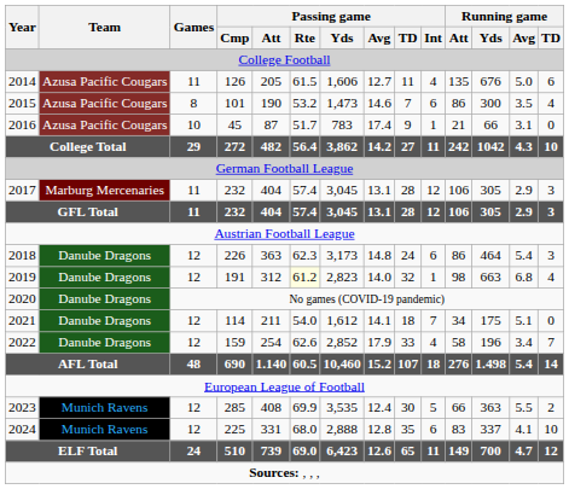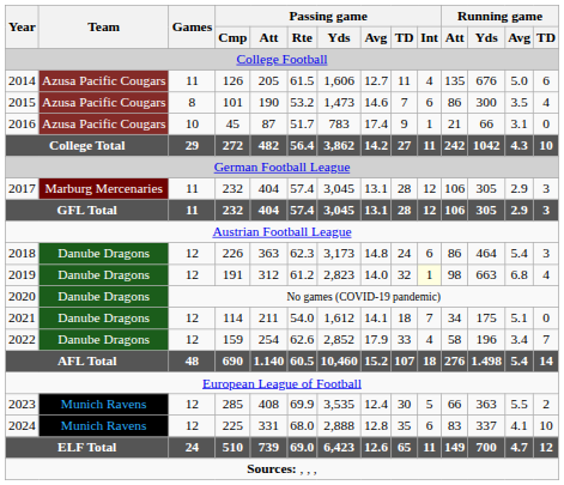 <table class="wikitable" style="text-align:center;">
 <tr>
 <th rowspan="2">Year</th>
 <th rowspan="2">Team</th>
 <th rowspan="2">Games</th>
 <th colspan="7">Passing game</th>
 <th colspan="4">Running game</th>
 </tr>
 <tr>
 <th><abbr>Cmp</abbr></th>
 <th><abbr>Att</abbr></th>
 <th><abbr>Rte</abbr></th>
 <th><abbr>Yds</abbr></th>
 <th><abbr>Avg</abbr></th>
 <th><abbr>TD</abbr></th>
 <th><abbr>Int</abbr></th>
 <th><abbr>Att</abbr></th>
 <th><abbr>Yds</abbr></th>
 <th><abbr>Avg</abbr></th>
 <th><abbr>TD</abbr></th>
 </tr>
 <tr style="background-color:#D1D1D1">
 <td colspan="14"> <a href='#'>College Football</a></td>
 </tr>
 <tr>
 <td>2014</td>
 <td style="background:#842B28; color:#FFFFFF;">Azusa Pacific Cougars</td>
 <td>11</td>
 <td>126</td>
 <td>205</td>
 <td>61.5</td>
 <td>1,606</td>
 <td>12.7</td>
 <td>11</td>
 <td>4</td>
 <td>135</td>
 <td>676</td>
 <td>5.0</td>
 <td>6</td>
 </tr>
 <tr>
 <td>2015</td>
 <td style="background:#842B28; color:#FFFFFF;">Azusa Pacific Cougars</td>
 <td>8</td>
 <td>101</td>
 <td>190</td>
 <td>53.2</td>
 <td>1,473</td>
 <td>14.6</td>
 <td>7</td>
 <td>6</td>
 <td>86</td>
 <td>300</td>
 <td>3.5</td>
 <td>4</td>
 </tr>
 <tr>
 <td>2016</td>
 <td style="background:#842B28; color:#FFFFFF;">Azusa Pacific Cougars</td>
 <td>10</td>
 <td>45</td>
 <td>87</td>
 <td>51.7</td>
 <td>783</td>
 <td>17.4</td>
 <td>9</td>
 <td>1</td>
 <td>21</td>
 <td>66</td>
 <td>3.1</td>
 <td>0</td>
 </tr>
 <tr style="background:#555555; font-weight:bold; color:white;">
 <td colspan="2">College Total</td>
 <td>29</td>
 <td>272</td>
 <td>482</td>
 <td>56.4</td>
 <td>3,862</td>
 <td>14.2</td>
 <td>27</td>
 <td>11</td>
 <td>242</td>
 <td>1042</td>
 <td>4.3</td>
 <td>10</td>
 </tr>
 <tr>
 <td colspan="14" style="background-color:#D1D1D1"><a href='#'>German Football League</a></td>
 </tr>
 <tr>
 <td>2017</td>
 <td style=" background: #6F0101; color:#FFFFFF">Marburg Mercenaries</td>
 <td>11</td>
 <td>232</td>
 <td>404</td>
 <td>57.4</td>
 <td>3,045</td>
 <td>13.1</td>
 <td>28</td>
 <td>12</td>
 <td>106</td>
 <td>305</td>
 <td>2.9</td>
 <td>3</td>
 </tr>
 <tr style="background:#555555; font-weight:bold; color:white;">
 <td colspan="2">GFL Total</td>
 <td>11</td>
 <td>232</td>
 <td>404</td>
 <td>57.4</td>
 <td>3,045</td>
 <td>13.1</td>
 <td>28</td>
 <td>12</td>
 <td>106</td>
 <td>305</td>
 <td>2.9</td>
 <td>3</td>
 </tr>
 <tr>
 <td colspan="14"><a href='#'>Austrian Football League</a></td>
 </tr>
 <tr>
 <td>2018</td>
 <td style=" background: #1B5D1B; color:#FFFFFF">Danube Dragons</td>
 <td>12</td>
 <td>226</td>
 <td>363</td>
 <td>62.3</td>
 <td>3,173</td>
 <td>14.8</td>
 <td>24</td>
 <td>6</td>
 <td>86</td>
 <td>464</td>
 <td>5.4</td>
 <td>3</td>
 </tr>
 <tr>
 <td>2019</td>
 <td style=" background: #1B5D1B; color:#FFFFFF">Danube Dragons</td>
 <td>12</td>
 <td>191</td>
 <td>312</td>
-<td style="background: lightyellow;">61.2</td>
+<td>61.2</td>
 <td>2,823</td>
 <td>14.0</td>
 <td>32</td>
-<td>1</td>
+<td style="background: lightyellow;">1</td>
 <td>98</td>
 <td>663</td>
 <td>6.8</td>
 <td>4</td>
 </tr>
 <tr>
 <td>2020</td>
 <td style=" background: #1B5D1B; color:#FFFFFF">Danube Dragons</td>
 <td colspan="12"><small>No games (COVID-19 pandemic)</small></td>
 </tr>
 <tr>
 <td>2021</td>
 <td style=" background: #1B5D1B; color:#FFFFFF">Danube Dragons</td>
 <td>12</td>
 <td>114</td>
 <td>211</td>
 <td>54.0</td>
 <td>1,612</td>
 <td>14.1</td>
 <td>18</td>
 <td>7</td>
 <td>34</td>
 <td>175</td>
 <td>5.1</td>
 <td>0</td>
 </tr>
 <tr>
 <td>2022</td>
 <td style=" background: #1B5D1B; color:#FFFFFF">Danube Dragons</td>
 <td>12</td>
 <td>159</td>
 <td>254</td>
 <td>62.6</td>
 <td>2,852</td>
 <td>17.9</td>
 <td>33</td>
 <td>4</td>
 <td>58</td>
 <td>196</td>
 <td>3.4</td>
 <td>7</td>
 </tr>
 <tr style="background:#555555; font-weight:bold; color:white;">
 <td colspan="2">AFL Total</td>
 <td>48</td>
 <td>690</td>
 <td>1.140</td>
 <td>60.5</td>
 <td>10,460</td>
 <td>15.2</td>
 <td>107</td>
 <td>18</td>
 <td>276</td>
 <td>1.498</td>
 <td>5.4</td>
 <td>14</td>
 </tr>
 <tr>
 <td colspan="14"> <a href='#'>European League of Football</a></td>
 </tr>
 <tr>
 <td>2023</td>
 <td style=" background: #000000; color:#29ACFA">Munich Ravens</td>
 <td>12</td>
 <td>285</td>
 <td>408</td>
 <td>69.9</td>
 <td>3,535</td>
 <td>12.4</td>
 <td>30</td>
 <td>5</td>
 <td>66</td>
 <td>363</td>
 <td>5.5</td>
 <td>2</td>
 </tr>
 <tr>
 <td>2024</td>
 <td style=" background: #000000; color:#29ACFA">Munich Ravens</td>
 <td>12</td>
 <td>225</td>
 <td>331</td>
 <td>68.0</td>
 <td>2,888</td>
 <td>12.8</td>
 <td>35</td>
 <td>6</td>
 <td>83</td>
 <td>337</td>
 <td>4.1</td>
 <td>10</td>
 </tr>
 <tr style="background:#555555; font-weight:bold; color:white;">
 <td colspan="2">ELF Total</td>
 <td>24</td>
 <td>510</td>
 <td>739</td>
 <td>69.0</td>
 <td>6,423</td>
 <td>12.6</td>
 <td>65</td>
 <td>11</td>
 <td>149</td>
 <td>700</td>
 <td>4.7</td>
 <td>12</td>
 </tr>
 <tr>
 <td colspan="14"><strong>Sources:</strong> , , , </td>
 </tr>
 </table>
